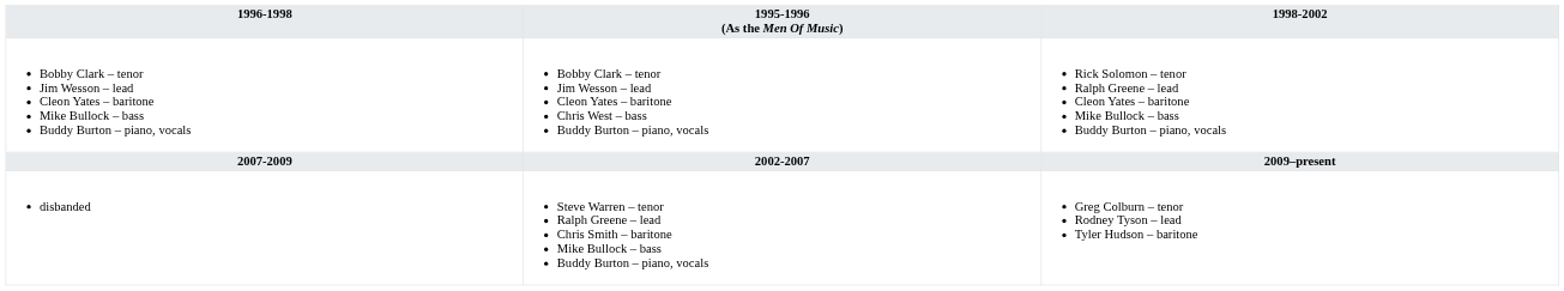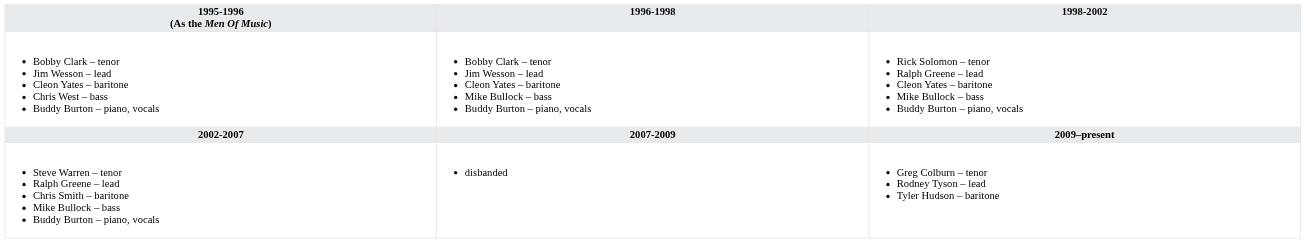 <table class="toccolours" style="float: width: 375px; margin: 0 0 1em 1em; border-collapse: collapse; border: 1px solid #E2E2E2;" border="1" width="99%" cellspacing="0" cellpadding="2">
 <tr>
+<th width="25%" valign="top" bgcolor="#E7EBEE">1995-1996<br>(As the <em>Men Of Music</em>)</th>
 <th width="25%" valign="top" bgcolor="#E7EBEE">1996-1998</th>
-<th width="25%" valign="top" bgcolor="#E7EBEE">1995-1996<br>(As the <em>Men Of Music</em>)</th>
 <th width="25%" valign="top" bgcolor="#E7EBEE">1998-2002</th>
 </tr>
 <tr>
+<td valign="top"><br><ul><li>Bobby Clark – tenor</li><li>Jim Wesson – lead</li><li>Cleon Yates – baritone</li><li>Chris West – bass</li><li>Buddy Burton – piano, vocals</li></ul></td>
 <td valign="top"><br><ul><li>Bobby Clark – tenor</li><li>Jim Wesson – lead</li><li>Cleon Yates – baritone</li><li>Mike Bullock – bass</li><li>Buddy Burton – piano, vocals</li></ul></td>
-<td valign="top"><br><ul><li>Bobby Clark – tenor</li><li>Jim Wesson – lead</li><li>Cleon Yates – baritone</li><li>Chris West – bass</li><li>Buddy Burton – piano, vocals</li></ul></td>
 <td valign="top"><br><ul><li>Rick Solomon – tenor</li><li>Ralph Greene – lead</li><li>Cleon Yates – baritone</li><li>Mike Bullock – bass</li><li>Buddy Burton – piano, vocals</li></ul></td>
 </tr>
 <tr>
+<th bgcolor="#E7EBEE" width="25%" valign="top">2002-2007</th>
 <th bgcolor="#E7EBEE" width="25%" valign="top">2007-2009</th>
-<th bgcolor="#E7EBEE" width="25%" valign="top">2002-2007</th>
 <th bgcolor="#E7EBEE" width="25%" valign="top">2009–present</th>
 </tr>
 <tr>
+<td valign="top"><br><ul><li>Steve Warren – tenor</li><li>Ralph Greene – lead</li><li>Chris Smith – baritone</li><li>Mike Bullock – bass</li><li>Buddy Burton – piano, vocals</li></ul></td>
 <td valign="top"><br><ul><li>disbanded</li></ul></td>
-<td valign="top"><br><ul><li>Steve Warren – tenor</li><li>Ralph Greene – lead</li><li>Chris Smith – baritone</li><li>Mike Bullock – bass</li><li>Buddy Burton – piano, vocals</li></ul></td>
 <td valign="top"><br><ul><li>Greg Colburn – tenor</li><li>Rodney Tyson – lead</li><li>Tyler Hudson – baritone</li></ul></td>
 </tr>
 </table>
